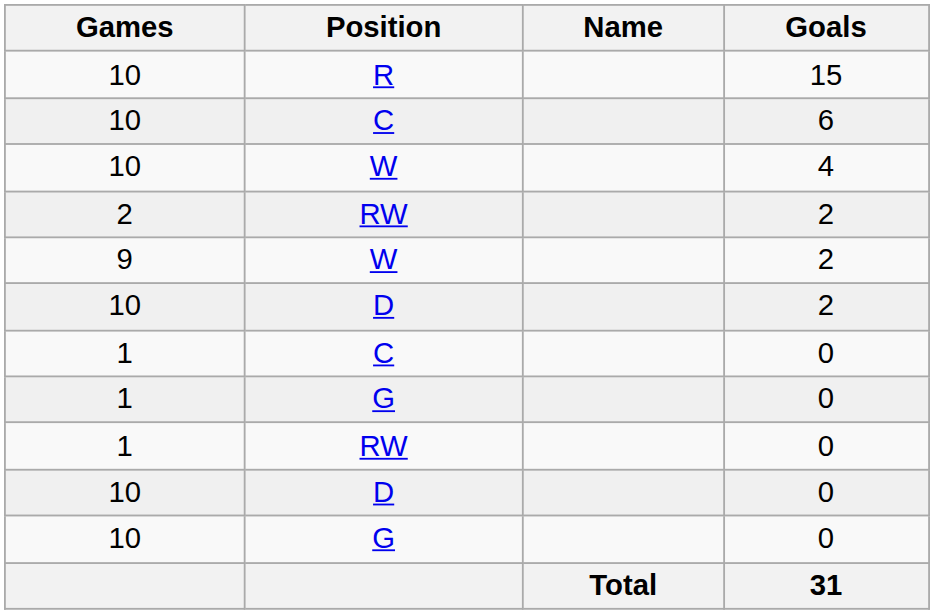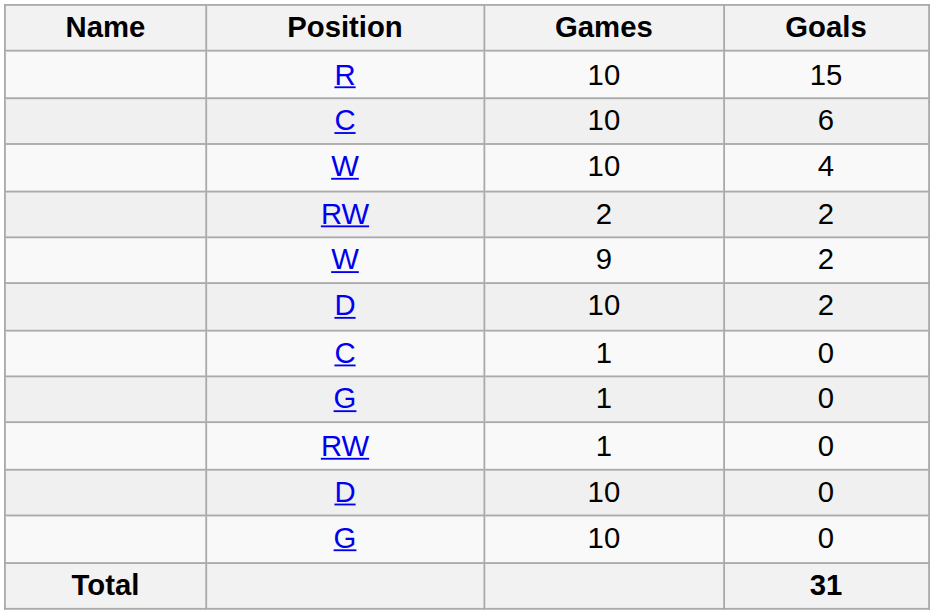 <table class="wikitable sortable" width ="40%">
 <tr align="center">
+<th><strong>Name</strong></th>
+<th><strong>Position</strong></th>
 <th><strong>Games</strong></th>
-<th><strong>Position</strong></th>
-<th><strong>Name</strong></th>
 <th><strong>Goals</strong></th>
 </tr>
 <tr align="center" bgcolor="">
+<td></td>
+<td><a href='#'>R</a></td>
 <td>10</td>
-<td><a href='#'>R</a></td>
-<td></td>
 <td>15</td>
 </tr>
 <tr align="center" bgcolor="f0f0f0">
+<td></td>
+<td><a href='#'>C</a></td>
 <td>10</td>
-<td><a href='#'>C</a></td>
-<td></td>
 <td>6</td>
 </tr>
 <tr align="center" bgcolor="">
+<td></td>
+<td><a href='#'>W</a></td>
 <td>10</td>
-<td><a href='#'>W</a></td>
-<td></td>
 <td>4</td>
 </tr>
 <tr align="center" bgcolor="f0f0f0">
+<td></td>
+<td><a href='#'>RW</a></td>
 <td>2</td>
-<td><a href='#'>RW</a></td>
-<td></td>
 <td>2</td>
 </tr>
 <tr align="center" bgcolor="">
+<td></td>
+<td><a href='#'>W</a></td>
 <td>9</td>
-<td><a href='#'>W</a></td>
-<td></td>
 <td>2</td>
 </tr>
 <tr align="center" bgcolor="f0f0f0">
+<td></td>
+<td><a href='#'>D</a></td>
 <td>10</td>
-<td><a href='#'>D</a></td>
-<td></td>
 <td>2</td>
 </tr>
 <tr align="center" bgcolor="">
+<td></td>
+<td><a href='#'>C</a></td>
 <td>1</td>
-<td><a href='#'>C</a></td>
-<td></td>
 <td>0</td>
 </tr>
 <tr align="center" bgcolor="f0f0f0">
+<td></td>
+<td><a href='#'>G</a></td>
 <td>1</td>
-<td><a href='#'>G</a></td>
-<td></td>
 <td>0</td>
 </tr>
 <tr align="center" bgcolor="">
+<td></td>
+<td><a href='#'>RW</a></td>
 <td>1</td>
-<td><a href='#'>RW</a></td>
-<td></td>
 <td>0</td>
 </tr>
 <tr align="center" bgcolor="f0f0f0">
+<td></td>
+<td><a href='#'>D</a></td>
 <td>10</td>
-<td><a href='#'>D</a></td>
-<td></td>
 <td>0</td>
 </tr>
 <tr align="center" bgcolor="">
+<td></td>
+<td><a href='#'>G</a></td>
 <td>10</td>
-<td><a href='#'>G</a></td>
-<td></td>
 <td>0</td>
 </tr>
 <tr>
+<th>Total</th>
 <th></th>
 <th></th>
-<th>Total</th>
 <th>31</th>
 </tr>
 </table>
